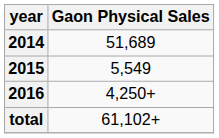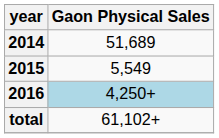 <table class="wikitable">
 <tr>
 <th>year</th>
 <th>Gaon Physical Sales</th>
 </tr>
 <tr>
 <th scope="row">2014</th>
 <td style="text-align:center;">51,689</td>
 </tr>
 <tr>
 <th scope="row">2015</th>
 <td style="text-align:center;">5,549</td>
 </tr>
 <tr>
 <th scope="row">2016</th>
-<td style="text-align:center;">4,250+</td>
+<td style="background: lightblue; text-align:center;">4,250+</td>
 </tr>
 <tr>
 <th scope="row">total</th>
 <td style="text-align:center;">61,102+</td>
 </tr>
 <tr>
 </tr>
 </table>
